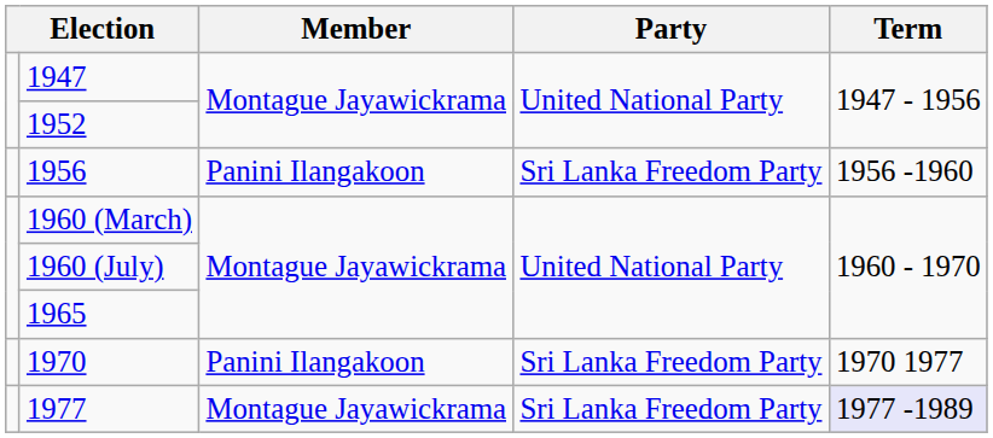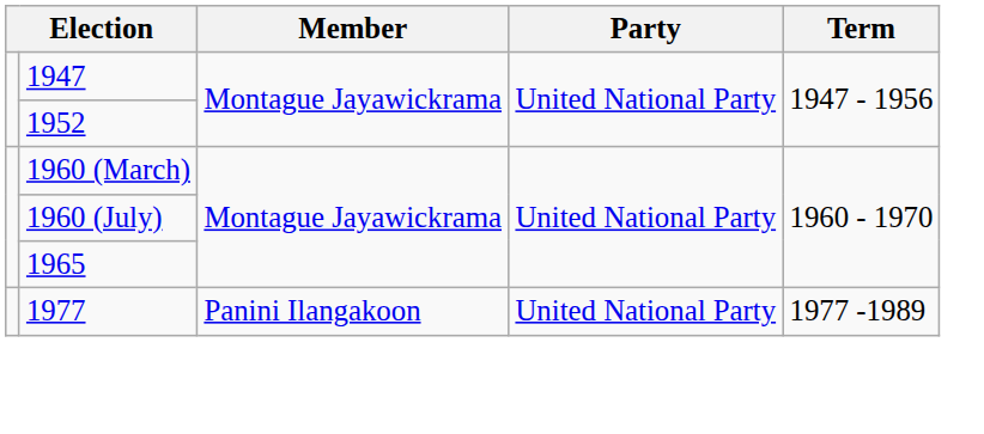 <table class="wikitable">
 <tr>
 <th colspan="2">Election</th>
 <th>Member</th>
 <th>Party</th>
 <th>Term</th>
 </tr>
 <tr>
 <td rowspan=2 style="background-color: "></td>
 <td><a href='#'>1947</a></td>
 <td rowspan= 2><a href='#'>Montague Jayawickrama</a></td>
 <td rowspan= 2><a href='#'>United National Party</a></td>
 <td rowspan= 2>1947 - 1956</td>
 </tr>
 <tr>
 <td><a href='#'>1952</a></td>
 </tr>
 <tr>
-<td style="background-color: "></td>
-<td><a href='#'>1956</a></td>
-<td><a href='#'>Panini Ilangakoon</a></td>
-<td><a href='#'>Sri Lanka Freedom Party</a></td>
-<td>1956 -1960</td>
-</tr>
-<tr>
 <td rowspan=3 style="background-color: "></td>
 <td><a href='#'>1960 (March)</a></td>
 <td rowspan= 3><a href='#'>Montague Jayawickrama</a></td>
 <td rowspan= 3><a href='#'>United National Party</a></td>
 <td rowspan= 3>1960 - 1970</td>
 </tr>
 <tr>
 <td><a href='#'>1960 (July)</a></td>
 </tr>
 <tr>
 <td><a href='#'>1965</a></td>
 </tr>
 <tr>
 <td style="background-color: "></td>
-<td><a href='#'>1970</a></td>
+<td><a href='#'>1977</a></td>
 <td><a href='#'>Panini Ilangakoon</a></td>
-<td><a href='#'>Sri Lanka Freedom Party</a></td>
-<td>1970 1977</td>
-</tr>
-<tr>
-<td style="background-color: "></td>
-<td><a href='#'>1977</a></td>
-<td><a href='#'>Montague Jayawickrama</a></td>
-<td><a href='#'>Sri Lanka Freedom Party</a></td>
-<td style="background: lavender;">1977 -1989</td>
+<td><a href='#'>United National Party</a></td>
+<td>1977 -1989</td>
 </tr>
 </table>
